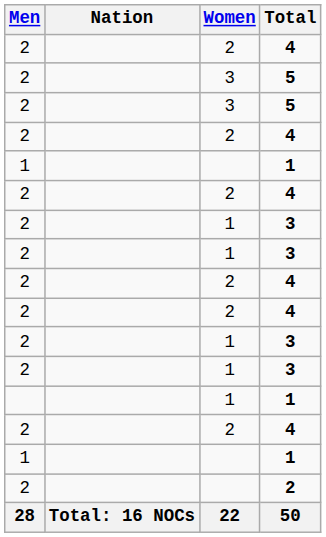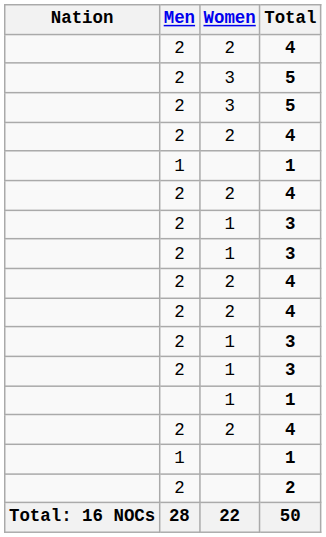 <table class="wikitable" style="text-align:center; font-size:90%">
 <tr>
+<th align="left">Nation</th>
 <th><a href='#'>Men</a></th>
-<th align="left">Nation</th>
 <th><a href='#'>Women</a></th>
 <th>Total</th>
 </tr>
 <tr>
+<td align=left></td>
 <td>2</td>
-<td align=left></td>
 <td>2</td>
 <td><strong>4</strong></td>
 </tr>
 <tr>
+<td align=left></td>
 <td>2</td>
-<td align=left></td>
 <td>3</td>
 <td><strong>5</strong></td>
 </tr>
 <tr>
+<td align=left></td>
 <td>2</td>
-<td align=left></td>
 <td>3</td>
 <td><strong>5</strong></td>
 </tr>
 <tr>
+<td align=left></td>
 <td>2</td>
-<td align=left></td>
 <td>2</td>
 <td><strong>4</strong></td>
 </tr>
 <tr>
+<td align=left></td>
 <td>1</td>
-<td align=left></td>
 <td></td>
 <td><strong>1</strong></td>
 </tr>
 <tr>
+<td align=left></td>
 <td>2</td>
-<td align=left></td>
 <td>2</td>
 <td><strong>4</strong></td>
 </tr>
 <tr>
+<td align=left></td>
 <td>2</td>
-<td align=left></td>
 <td>1</td>
 <td><strong>3</strong></td>
 </tr>
 <tr>
+<td align=left></td>
 <td>2</td>
-<td align=left></td>
 <td>1</td>
 <td><strong>3</strong></td>
 </tr>
 <tr>
+<td align=left></td>
 <td>2</td>
-<td align=left></td>
 <td>2</td>
 <td><strong>4</strong></td>
 </tr>
 <tr>
+<td align=left></td>
 <td>2</td>
-<td align=left></td>
 <td>2</td>
 <td><strong>4</strong></td>
 </tr>
 <tr>
+<td align=left></td>
 <td>2</td>
-<td align=left></td>
 <td>1</td>
 <td><strong>3</strong></td>
 </tr>
 <tr>
+<td align=left></td>
 <td>2</td>
-<td align=left></td>
 <td>1</td>
 <td><strong>3</strong></td>
 </tr>
 <tr>
+<td align=left></td>
 <td></td>
-<td align=left></td>
 <td>1</td>
 <td><strong>1</strong></td>
 </tr>
 <tr>
+<td align=left></td>
 <td>2</td>
-<td align=left></td>
 <td>2</td>
 <td><strong>4</strong></td>
 </tr>
 <tr>
+<td align=left></td>
 <td>1</td>
-<td align=left></td>
 <td></td>
 <td><strong>1</strong></td>
 </tr>
 <tr>
+<td align=left></td>
 <td>2</td>
-<td align=left></td>
 <td></td>
 <td><strong>2</strong></td>
 </tr>
 <tr>
+<th>Total: 16 NOCs</th>
 <th>28</th>
-<th>Total: 16 NOCs</th>
 <th>22</th>
 <th>50</th>
 </tr>
 </table>
